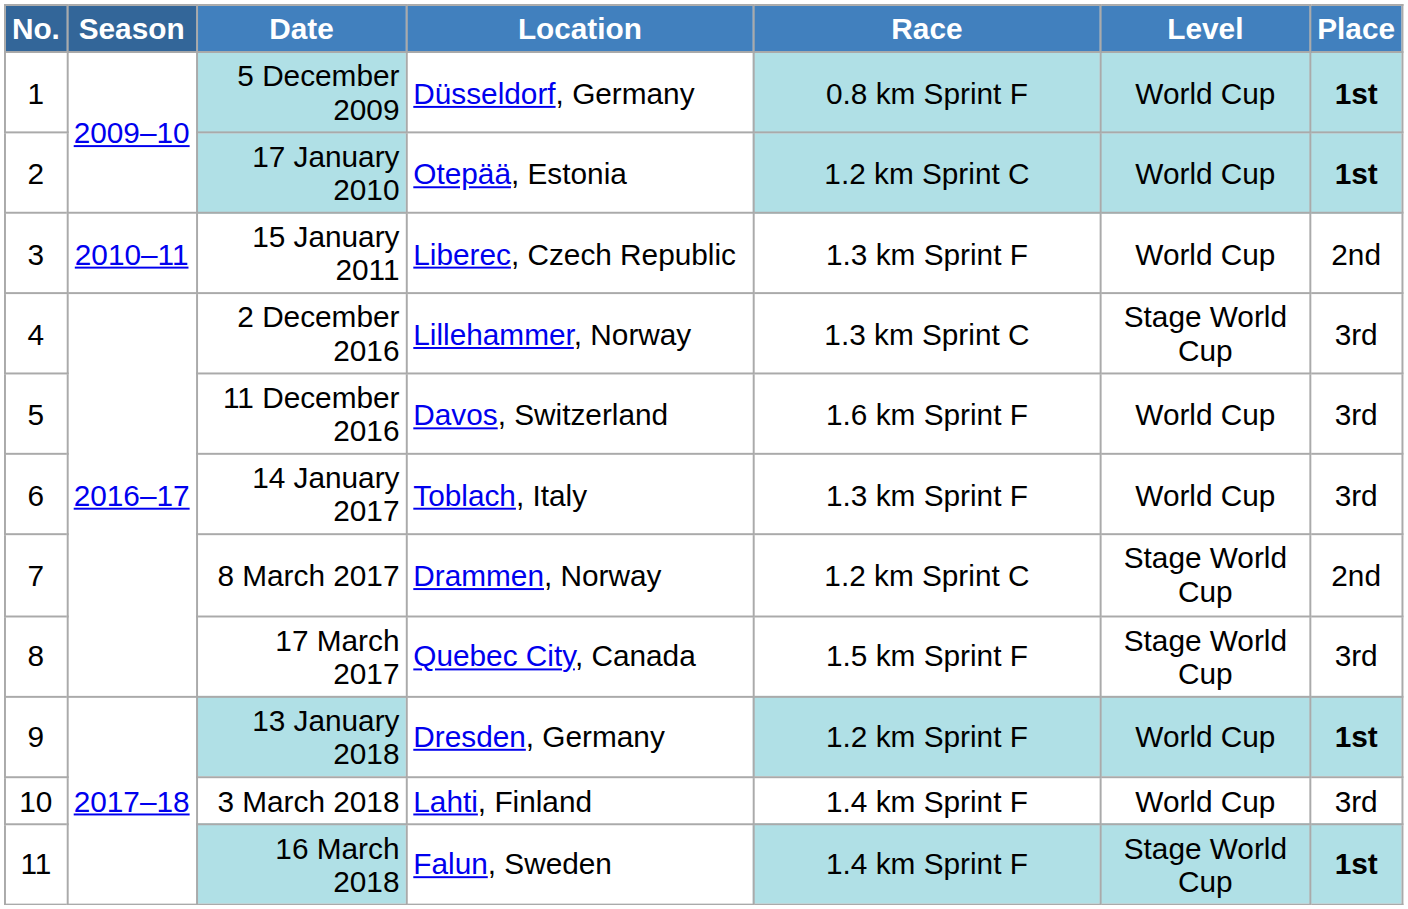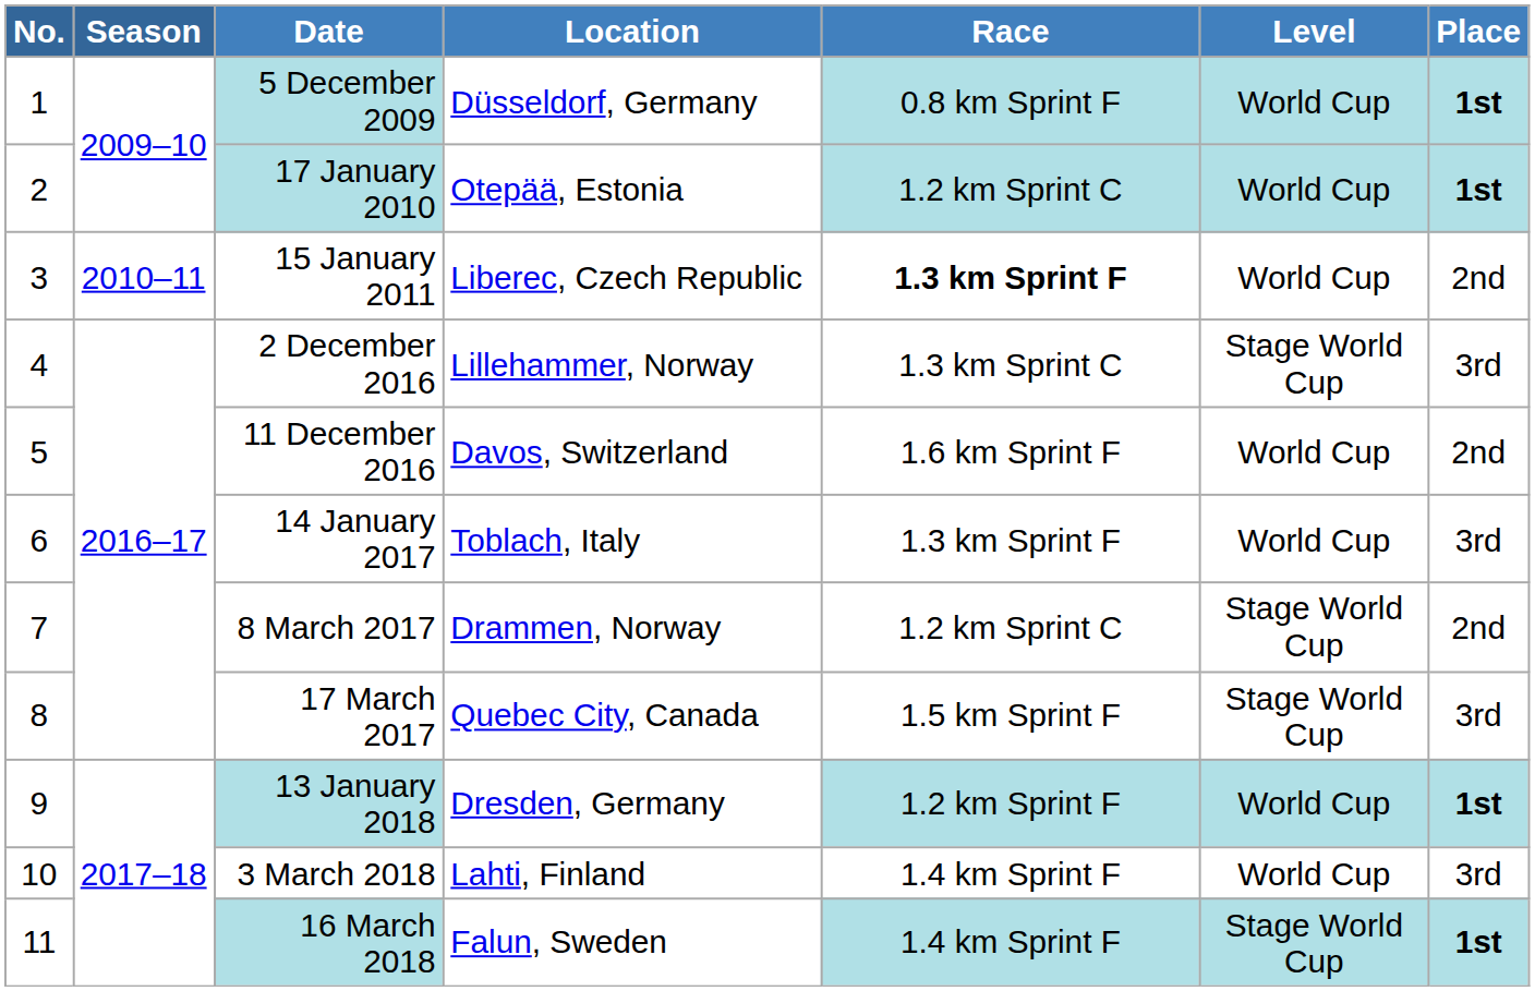 <table class="wikitable sortable" style="font-size:95%; text-align:center; border:grey solid 1px; border-collapse:collapse; background:#ffffff;">
 <tr style="background:#efefef;">
 <th style="background-color:#369; color:white;">No.</th>
 <th style="background-color:#369; color:white;">Season</th>
 <th style="background-color:#4180be; color:white; width:100px;">Date</th>
 <th style="background-color:#4180be; color:white; width:170px;">Location</th>
 <th style="background-color:#4180be; color:white; width:170px;">Race</th>
 <th style="background-color:#4180be; color:white; width:100px;">Level</th>
 <th style="background-color:#4180be; color:white;">Place</th>
 </tr>
 <tr>
 <td align=center>1</td>
 <td rowspan=2 align=center><a href='#'>2009–10</a></td>
 <td bgcolor="#BOEOE6" align=right>5 December 2009</td>
 <td align=left> <a href='#'>Düsseldorf</a>, Germany</td>
 <td bgcolor="#BOEOE6"> 0.8 km Sprint F </td>
 <td bgcolor="#BOEOE6"> World Cup </td>
 <td bgcolor="#BOEOE6"> <strong>1st</strong> </td>
 </tr>
 <tr>
 <td align=center>2</td>
 <td bgcolor="#BOEOE6" align=right>17 January 2010</td>
 <td align=left> <a href='#'>Otepää</a>, Estonia</td>
 <td bgcolor="#BOEOE6">1.2 km Sprint C</td>
 <td bgcolor="#BOEOE6"> World Cup </td>
 <td bgcolor="#BOEOE6"><strong>1st</strong></td>
 </tr>
 <tr>
 <td align=center>3</td>
 <td rowspan=1 align=center><a href='#'>2010–11</a></td>
 <td align=right>15 January 2011</td>
 <td align=left> <a href='#'>Liberec</a>, Czech Republic</td>
-<td>1.3 km Sprint F</td>
+<td><strong>1.3 km Sprint F</strong></td>
 <td>World Cup</td>
 <td>2nd</td>
 </tr>
 <tr>
 <td align=center>4</td>
 <td rowspan=5 align=center><a href='#'>2016–17</a></td>
 <td align=right>2 December 2016</td>
 <td align=left> <a href='#'>Lillehammer</a>, Norway</td>
 <td>1.3 km Sprint C</td>
 <td>Stage World Cup</td>
 <td>3rd</td>
 </tr>
 <tr>
 <td align=center>5</td>
 <td align=right>11 December 2016</td>
 <td align=left> <a href='#'>Davos</a>, Switzerland</td>
 <td>1.6 km Sprint F</td>
 <td>World Cup</td>
-<td>3rd</td>
+<td>2nd</td>
 </tr>
 <tr>
 <td align=center>6</td>
 <td align=right>14 January 2017</td>
 <td align=left> <a href='#'>Toblach</a>, Italy</td>
 <td>1.3 km Sprint F</td>
 <td>World Cup</td>
 <td>3rd</td>
 </tr>
 <tr>
 <td align=center>7</td>
 <td align=right>8 March 2017</td>
 <td align=left> <a href='#'>Drammen</a>, Norway</td>
 <td>1.2 km Sprint C</td>
 <td>Stage World Cup</td>
 <td>2nd</td>
 </tr>
 <tr>
 <td align=center>8</td>
 <td align=right>17 March 2017</td>
 <td align=left> <a href='#'>Quebec City</a>, Canada</td>
 <td>1.5 km Sprint F</td>
 <td>Stage World Cup</td>
 <td>3rd</td>
 </tr>
 <tr>
 <td align=center>9</td>
 <td rowspan=3 align=center><a href='#'>2017–18</a></td>
 <td bgcolor="#BOEOE6" align=right>13 January 2018</td>
 <td align=left> <a href='#'>Dresden</a>, Germany</td>
 <td bgcolor="#BOEOE6">1.2 km Sprint F</td>
 <td bgcolor="#BOEOE6"> World Cup </td>
 <td bgcolor="#BOEOE6"> <strong>1st</strong> </td>
 </tr>
 <tr>
 <td align=center>10</td>
 <td align=right>3 March 2018</td>
 <td align=left> <a href='#'>Lahti</a>, Finland</td>
 <td>1.4 km Sprint F</td>
 <td>World Cup</td>
 <td>3rd</td>
 </tr>
 <tr>
 <td align=center>11</td>
 <td bgcolor="#BOEOE6" align=right>16 March 2018</td>
 <td align=left> <a href='#'>Falun</a>, Sweden</td>
 <td bgcolor="#BOEOE6">1.4 km Sprint F</td>
 <td bgcolor="#BOEOE6">Stage World Cup</td>
 <td bgcolor="#BOEOE6"><strong>1st</strong></td>
 </tr>
 </table>
